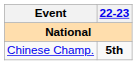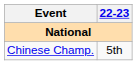 <table class="wikitable" style="text-align:center">
 <tr>
 <th>Event</th>
 <th><a href='#'>22-23</a></th>
 </tr>
 <tr>
 <th style="background-color: #ffdead; " colspan=7 align=center>National</th>
 </tr>
 <tr>
 <td align=left><a href='#'>Chinese Champ.</a></td>
-<td><strong>5th</strong></td>
+<td>5th</td>
 </tr>
 </table>
